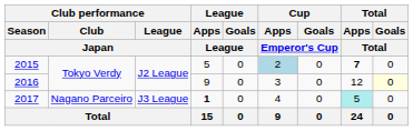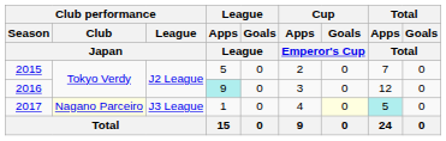 <table class="wikitable" style="text-align:center;">
 <tr>
 <th colspan=3>Club performance</th>
 <th colspan=2>League</th>
 <th colspan=2>Cup</th>
 <th colspan=2>Total</th>
 </tr>
 <tr>
 <th>Season</th>
 <th>Club</th>
 <th>League</th>
 <th>Apps</th>
 <th>Goals</th>
 <th>Apps</th>
 <th>Goals</th>
 <th>Apps</th>
 <th>Goals</th>
 </tr>
 <tr>
 <th colspan=3>Japan</th>
 <th colspan=2>League</th>
 <th colspan=2><a href='#'>Emperor's Cup</a></th>
 <th colspan=2>Total</th>
 </tr>
 <tr>
 <td><a href='#'>2015</a></td>
 <td rowspan="2"><a href='#'>Tokyo Verdy</a></td>
 <td rowspan="2"><a href='#'>J2 League</a></td>
 <td>5</td>
 <td>0</td>
-<td style="background: lightblue;">2</td>
+<td>2</td>
 <td>0</td>
-<td><strong>7</strong></td>
+<td>7</td>
 <td>0</td>
 </tr>
 <tr>
 <td><a href='#'>2016</a></td>
-<td>9</td>
+<td style="background: paleturquoise;">9</td>
 <td>0</td>
 <td>3</td>
 <td>0</td>
 <td>12</td>
-<td style="background: lightyellow;">0</td>
+<td>0</td>
 </tr>
 <tr>
 <td><a href='#'>2017</a></td>
-<td><a href='#'>Nagano Parceiro</a></td>
+<td style="background: lightyellow;"><a href='#'>Nagano Parceiro</a></td>
 <td><a href='#'>J3 League</a></td>
-<td><strong>1</strong></td>
+<td>1</td>
 <td>0</td>
 <td>4</td>
-<td>0</td>
+<td style="background: lightyellow;">0</td>
 <td style="background: paleturquoise;">5</td>
 <td>0</td>
 </tr>
 <tr>
 <th colspan=3>Total</th>
 <th>15</th>
 <th>0</th>
 <th>9</th>
 <th>0</th>
 <th>24</th>
 <th>0</th>
 </tr>
 </table>
